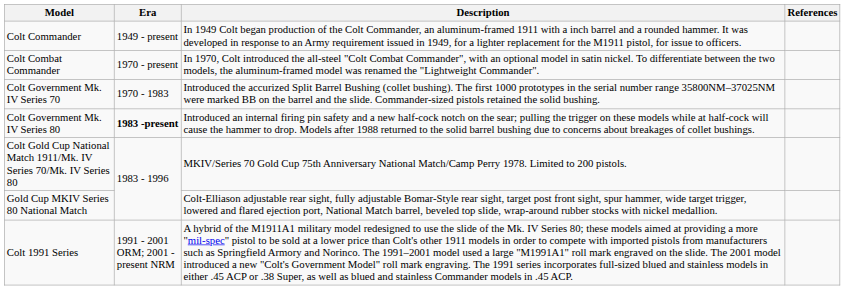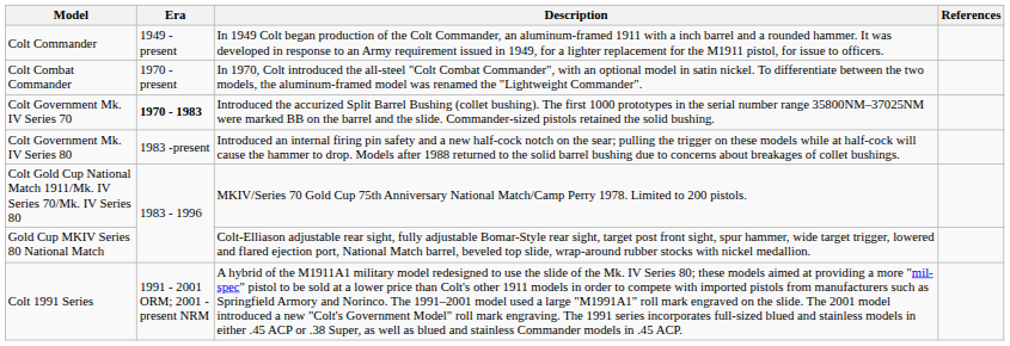 <table class="wikitable">
 <tr>
 <th>Model</th>
 <th>Era</th>
 <th>Description</th>
 <th>References</th>
 </tr>
 <tr>
 <td>Colt Commander</td>
 <td>1949 - present</td>
 <td>In 1949 Colt began production of the Colt Commander, an aluminum-framed 1911 with a  inch barrel and a rounded hammer. It was developed in response to an Army requirement issued in 1949, for a lighter replacement for the M1911 pistol, for issue to officers.</td>
 <td></td>
 </tr>
 <tr>
 <td>Colt Combat Commander</td>
 <td>1970 - present</td>
 <td>In 1970, Colt introduced the all-steel "Colt Combat Commander", with an optional model in satin nickel. To differentiate between the two models, the aluminum-framed model was renamed the "Lightweight Commander".</td>
 <td></td>
 </tr>
 <tr>
 <td>Colt Government Mk. IV Series 70</td>
-<td>1970 - 1983</td>
+<td><strong>1970 - 1983</strong></td>
 <td>Introduced the accurized Split Barrel Bushing (collet bushing). The first 1000 prototypes in the serial number range 35800NM–37025NM were marked BB on the barrel and the slide. Commander-sized pistols retained the solid bushing.</td>
 <td></td>
 </tr>
 <tr>
 <td>Colt Government Mk. IV Series 80</td>
-<td><strong>1983 -present</strong></td>
+<td>1983 -present</td>
 <td>Introduced an internal firing pin safety and a new half-cock notch on the sear; pulling the trigger on these models while at half-cock will cause the hammer to drop. Models after 1988 returned to the solid barrel bushing due to concerns about breakages of collet bushings.</td>
 <td></td>
 </tr>
 <tr>
 <td>Colt Gold Cup National Match 1911/Mk. IV Series 70/Mk. IV Series 80</td>
 <td rowspan="2">1983 - 1996</td>
 <td>MKIV/Series 70 Gold Cup 75th Anniversary National Match/Camp Perry 1978. Limited to 200 pistols.</td>
 <td></td>
 </tr>
 <tr>
 <td>Gold Cup MKIV Series 80 National Match</td>
 <td>Colt-Elliason adjustable rear sight, fully adjustable Bomar-Style rear sight, target post front sight, spur hammer, wide target trigger, lowered and flared ejection port, National Match barrel, beveled top slide, wrap-around rubber stocks with nickel medallion.</td>
 <td></td>
 </tr>
 <tr>
 <td>Colt 1991 Series</td>
 <td>1991 - 2001 ORM; 2001 - present NRM</td>
 <td>A hybrid of the M1911A1 military model redesigned to use the slide of the Mk. IV Series 80; these models aimed at providing a more "<a href='#'>mil-spec</a>" pistol to be sold at a lower price than Colt's other 1911 models in order to compete with imported pistols from manufacturers such as Springfield Armory and Norinco. The 1991–2001 model used a large "M1991A1" roll mark engraved on the slide. The 2001 model introduced a new "Colt's Government Model" roll mark engraving. The 1991 series incorporates full-sized blued and stainless models in either .45 ACP or .38 Super, as well as blued and stainless Commander models in .45 ACP.</td>
 <td></td>
 </tr>
 </table>
